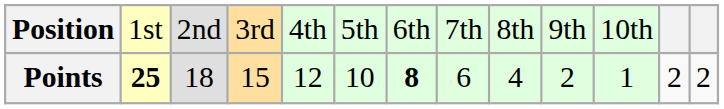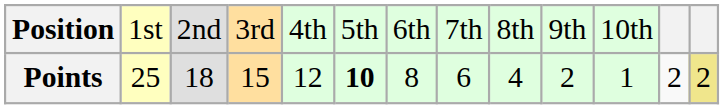 <table class="wikitable" style="font-size:85%; text-align: center;">
 <tr>
 <th>Position</th>
 <td style="background:#FFFFBF;">1st</td>
 <td style="background:#DFDFDF;">2nd</td>
 <td style="background:#FFDF9F;">3rd</td>
 <td style="background:#DFFFDF;">4th</td>
 <td style="background:#DFFFDF;">5th</td>
 <td style="background:#DFFFDF;">6th</td>
 <td style="background:#DFFFDF;">7th</td>
 <td style="background:#DFFFDF;">8th</td>
 <td style="background:#DFFFDF;">9th</td>
 <td style="background:#DFFFDF;">10th</td>
 <th></th>
 <th></th>
 </tr>
 <tr>
 <th>Points</th>
-<td style="background:#FFFFBF;"><strong>25</strong></td>
+<td style="background:#FFFFBF;">25</td>
 <td style="background:#DFDFDF;">18</td>
 <td style="background:#FFDF9F;">15</td>
 <td style="background:#DFFFDF;">12</td>
-<td style="background:#DFFFDF;">10</td>
-<td style="background:#DFFFDF;"><strong>8</strong></td>
+<td style="background:#DFFFDF;"><strong>10</strong></td>
+<td style="background:#DFFFDF;">8</td>
 <td style="background:#DFFFDF;">6</td>
 <td style="background:#DFFFDF;">4</td>
 <td style="background:#DFFFDF;">2</td>
 <td style="background:#DFFFDF;">1</td>
 <td>2</td>
-<td>2</td>
+<td style="background: khaki;">2</td>
 </tr>
 </table>
